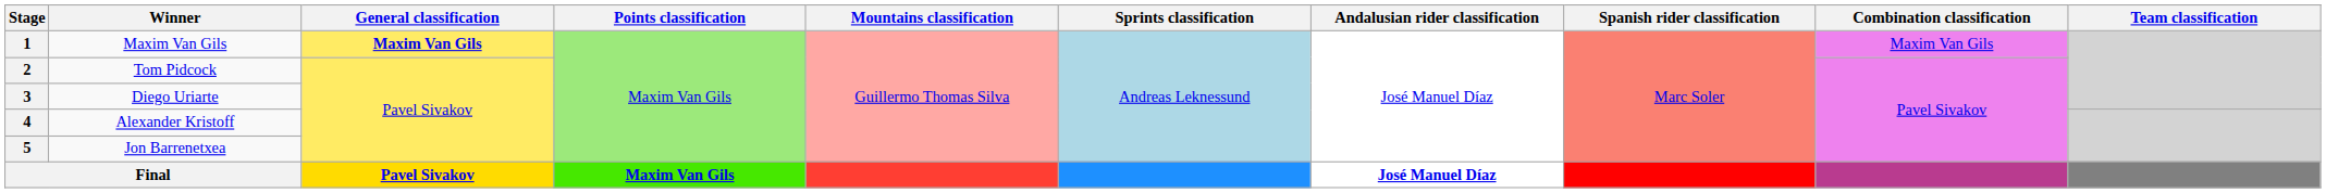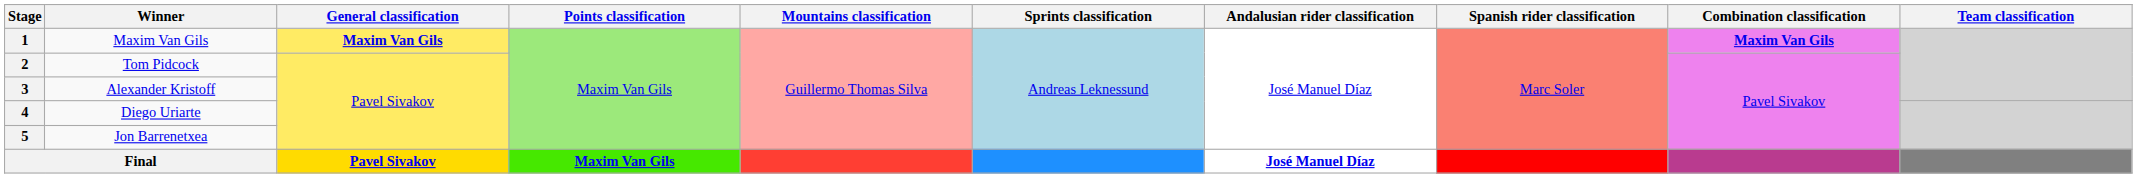 <table class="wikitable" style="text-align: center; font-size:smaller;">
 <tr style="background:#efefef;">
 <th width="1%">Stage</th>
 <th width="11%">Winner</th>
 <th width="11%"><a href='#'>General classification</a><br></th>
 <th width="11%"><a href='#'>Points classification</a><br></th>
 <th width="11%"><a href='#'>Mountains classification</a><br></th>
 <th width="11%">Sprints classification<br></th>
 <th width="11%">Andalusian rider classification<br></th>
 <th width="11%">Spanish rider classification<br></th>
 <th width="11%">Combination classification</th>
 <th width="11%"><a href='#'>Team classification</a></th>
 </tr>
 <tr>
 <th>1</th>
 <td><a href='#'>Maxim Van Gils</a></td>
 <td style="background:#FFEB64;"><strong><a href='#'>Maxim Van Gils</a></strong></td>
 <td style="background:#9CE97B;" rowspan="5"><a href='#'>Maxim Van Gils</a></td>
 <td style="background:#FFA8A4;" rowspan="5"><a href='#'>Guillermo Thomas Silva</a></td>
 <td style="background:lightblue;" rowspan="5"><a href='#'>Andreas Leknessund</a></td>
 <td style="background:white;" rowspan="5"><a href='#'>José Manuel Díaz</a></td>
 <td style="background:salmon;" rowspan="5"><a href='#'>Marc Soler</a></td>
-<td style="background:violet;"><a href='#'>Maxim Van Gils</a></td>
+<td style="background:violet;"><strong><a href='#'>Maxim Van Gils</a></strong></td>
 <td style="background:lightgrey;" rowspan="3"></td>
 </tr>
 <tr>
 <th>2</th>
 <td><a href='#'>Tom Pidcock</a></td>
 <td style="background:#FFEB64;" rowspan="4"><a href='#'>Pavel Sivakov</a></td>
 <td style="background:violet;" rowspan="4"><a href='#'>Pavel Sivakov</a></td>
 </tr>
 <tr>
 <th>3</th>
-<td><a href='#'>Diego Uriarte</a></td>
+<td><a href='#'>Alexander Kristoff</a></td>
 </tr>
 <tr>
 <th>4</th>
-<td><a href='#'>Alexander Kristoff</a></td>
+<td><a href='#'>Diego Uriarte</a></td>
 <td style="background:lightgrey;" rowspan="2"></td>
 </tr>
 <tr>
 <th>5</th>
 <td><a href='#'>Jon Barrenetxea</a></td>
 </tr>
 <tr>
 <th colspan="2">Final</th>
 <th style="background:#FFDB00;"><a href='#'>Pavel Sivakov</a></th>
 <th style="background:#46E800;"><a href='#'>Maxim Van Gils</a></th>
 <th style="background:#FF3E33;"></th>
 <th style="background:dodgerblue;"></th>
 <th style="background:white;"><a href='#'>José Manuel Díaz</a></th>
 <th style="background:red;"></th>
 <th style="background:#B93B8F;"></th>
 <th style="background:grey;"></th>
 </tr>
 </table>
